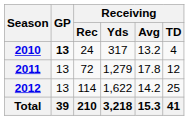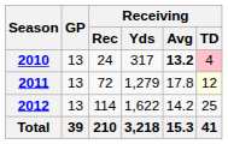 <table class="wikitable" style="text-align: center;">
 <tr>
 <th rowspan="2">Season</th>
 <th rowspan="2">GP</th>
 <th colspan="4">Receiving</th>
 </tr>
 <tr>
 <th>Rec</th>
 <th>Yds</th>
 <th>Avg</th>
 <th>TD</th>
 </tr>
 <tr>
 <th><a href='#'>2010</a></th>
-<td><strong>13</strong></td>
+<td>13</td>
 <td>24</td>
 <td>317</td>
-<td>13.2</td>
-<td>4</td>
+<td><strong>13.2</strong></td>
+<td style="background: pink;">4</td>
 </tr>
 <tr>
 <th><a href='#'>2011</a></th>
 <td>13</td>
 <td>72</td>
 <td>1,279</td>
 <td>17.8</td>
-<td>12</td>
+<td style="background: lightyellow;">12</td>
 </tr>
 <tr>
 <th><a href='#'>2012</a></th>
 <td>13</td>
 <td>114</td>
 <td>1,622</td>
 <td>14.2</td>
 <td>25</td>
 </tr>
 <tr>
 <th>Total</th>
 <th>39</th>
 <th>210</th>
 <th>3,218</th>
 <th>15.3</th>
 <th>41</th>
 </tr>
 </table>
